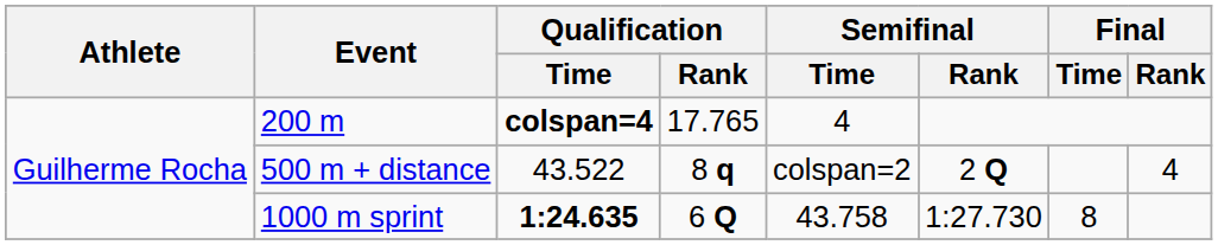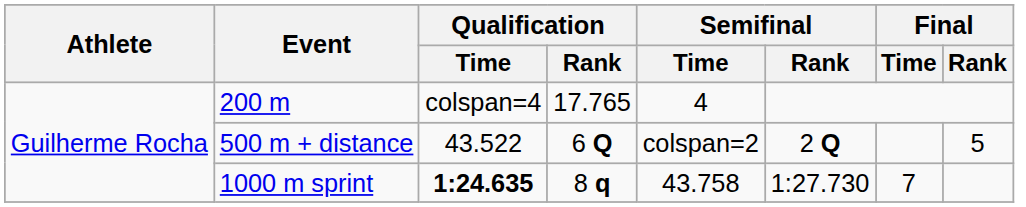 <table class=wikitable style=font-size:90%;text-align:center>
 <tr>
 <th rowspan=2>Athlete</th>
 <th rowspan=2>Event</th>
 <th colspan=2>Qualification</th>
 <th colspan=2>Semifinal</th>
 <th colspan=2>Final</th>
 </tr>
 <tr style=font-size:95%>
 <th>Time</th>
 <th>Rank</th>
 <th>Time</th>
 <th>Rank</th>
 <th>Time</th>
 <th>Rank</th>
 </tr>
 <tr>
 <td align=left rowspan=3><a href='#'>Guilherme Rocha</a></td>
 <td align=left><a href='#'>200 m </a></td>
-<td><strong>colspan=4 </strong></td>
+<td>colspan=4 </td>
 <td>17.765</td>
 <td>4</td>
 </tr>
 <tr>
 <td align=left><a href='#'>500 m + distance</a></td>
 <td>43.522</td>
-<td>8 <strong>q</strong></td>
+<td>6 <strong>Q</strong></td>
 <td>colspan=2 </td>
 <td>2 <strong>Q</strong></td>
 <td></td>
-<td>4</td>
+<td>5</td>
 </tr>
 <tr>
 <td align=left><a href='#'>1000 m sprint</a></td>
 <td><strong>1:24.635</strong></td>
-<td>6 <strong>Q</strong></td>
+<td>8 <strong>q</strong></td>
 <td>43.758</td>
 <td>1:27.730</td>
-<td>8</td>
+<td>7</td>
 </tr>
 </table>
